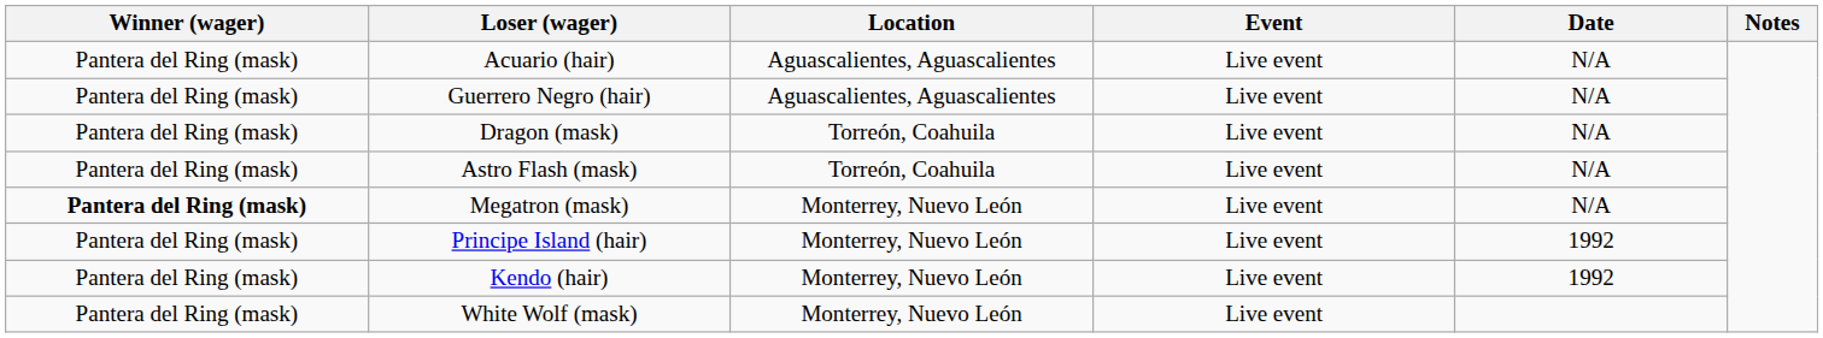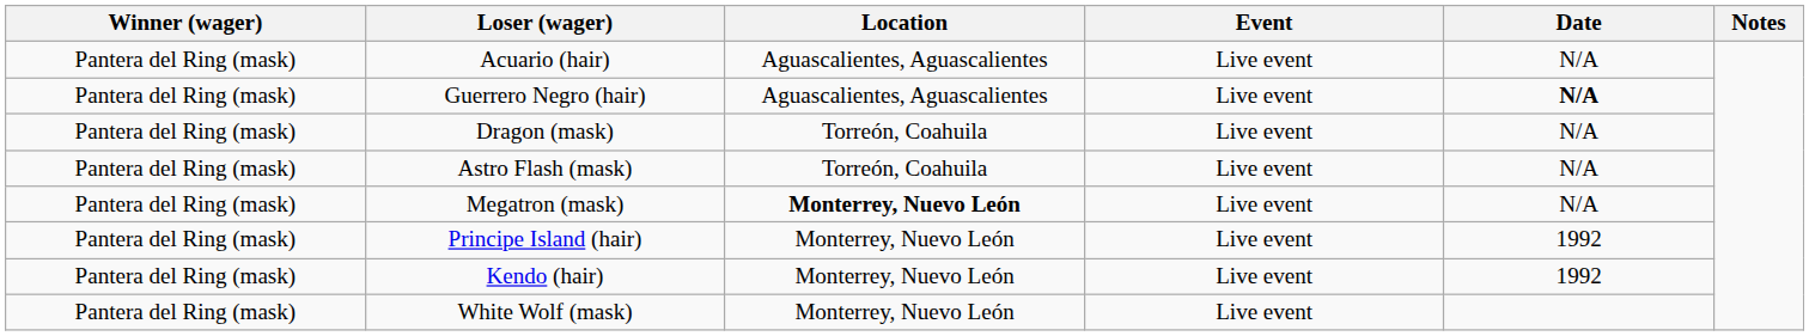 <table class="wikitable sortable" width=100%  style="text-align: center">
 <tr>
 <th width=20% scope="col">Winner (wager)</th>
 <th width=20% scope="col">Loser (wager)</th>
 <th width=20% scope="col">Location</th>
 <th width=20% scope="col">Event</th>
 <th width=15% scope="col">Date</th>
 <th class="unsortable" width=5% scope="col">Notes</th>
 </tr>
 <tr>
 <td>Pantera del Ring (mask)</td>
 <td>Acuario (hair)</td>
 <td>Aguascalientes, Aguascalientes</td>
 <td>Live event</td>
 <td>N/A</td>
 <td rowspan=8></td>
 </tr>
 <tr>
 <td>Pantera del Ring (mask)</td>
 <td>Guerrero Negro (hair)</td>
 <td>Aguascalientes, Aguascalientes</td>
 <td>Live event</td>
-<td>N/A</td>
+<td><strong>N/A</strong></td>
 </tr>
 <tr>
 <td>Pantera del Ring (mask)</td>
 <td>Dragon (mask)</td>
 <td>Torreón, Coahuila</td>
 <td>Live event</td>
 <td>N/A</td>
 </tr>
 <tr>
 <td>Pantera del Ring (mask)</td>
 <td>Astro Flash (mask)</td>
 <td>Torreón, Coahuila</td>
 <td>Live event</td>
 <td>N/A</td>
 </tr>
 <tr>
-<td><strong>Pantera del Ring (mask)</strong></td>
+<td>Pantera del Ring (mask)</td>
 <td>Megatron (mask)</td>
-<td>Monterrey, Nuevo León</td>
+<td><strong>Monterrey, Nuevo León</strong></td>
 <td>Live event</td>
 <td>N/A</td>
 </tr>
 <tr>
 <td>Pantera del Ring (mask)</td>
 <td><a href='#'>Principe Island</a> (hair)</td>
 <td>Monterrey, Nuevo León</td>
 <td>Live event</td>
 <td>1992</td>
 </tr>
 <tr>
 <td>Pantera del Ring (mask)</td>
 <td><a href='#'>Kendo</a> (hair)</td>
 <td>Monterrey, Nuevo León</td>
 <td>Live event</td>
 <td>1992</td>
 </tr>
 <tr>
 <td>Pantera del Ring (mask)</td>
 <td>White Wolf (mask)</td>
 <td>Monterrey, Nuevo León</td>
 <td>Live event</td>
 <td></td>
 </tr>
 </table>
